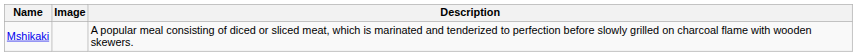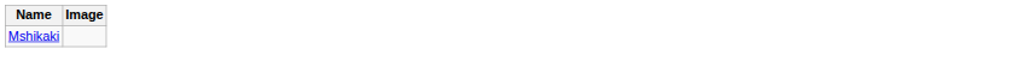 <table class="wikitable">
 <tr>
 <th>Name</th>
 <th class="unsortable">Image</th>
-<th>Description</th>
 </tr>
 <tr>
 <td><a href='#'>Mshikaki</a></td>
 <td></td>
-<td>A popular meal consisting of diced or sliced meat, which is marinated and tenderized to perfection before slowly grilled on charcoal flame with wooden skewers.</td>
 </tr>
 </table>
